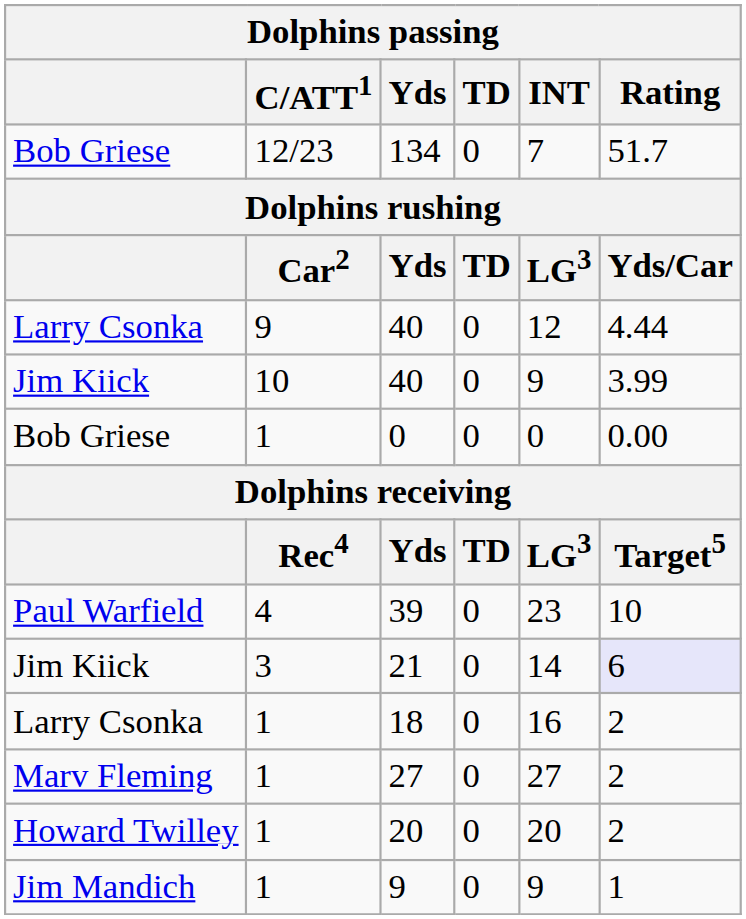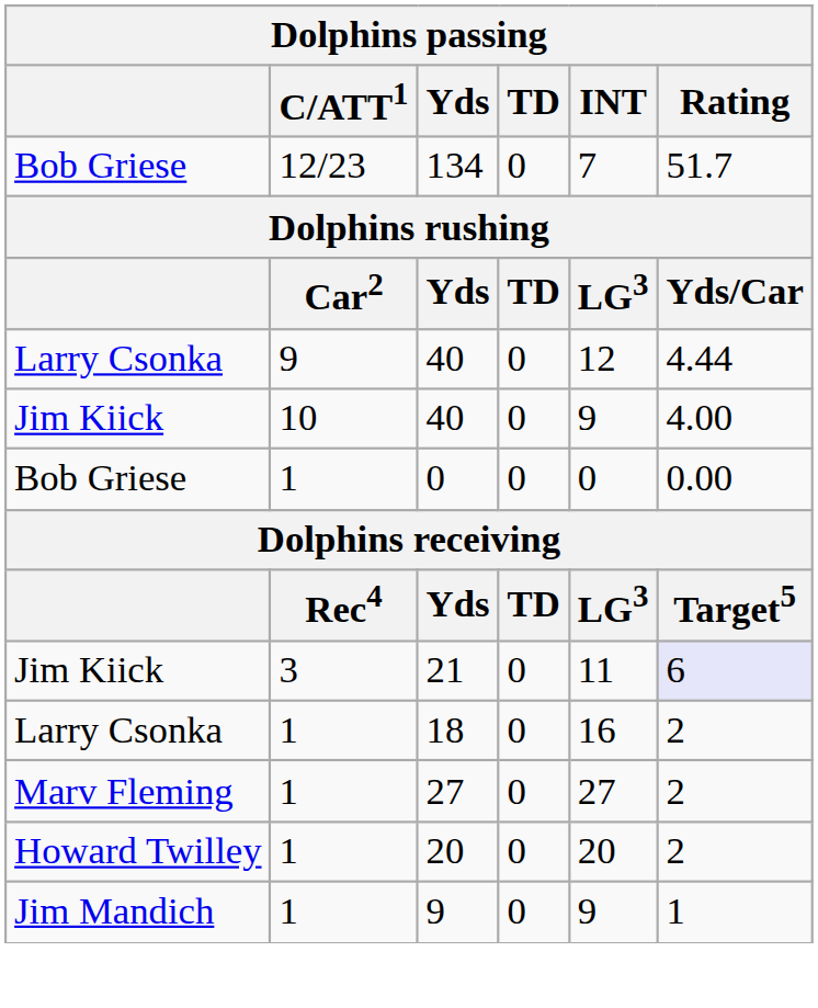 <table class="wikitable">
 <tr>
 <th colspan="6">Dolphins passing</th>
 </tr>
 <tr>
 <th></th>
 <th>C/ATT<sup>1</sup></th>
 <th>Yds</th>
 <th>TD</th>
 <th>INT</th>
 <th>Rating</th>
 </tr>
 <tr>
 <td><a href='#'>Bob Griese</a></td>
 <td>12/23</td>
 <td>134</td>
 <td>0</td>
 <td>7</td>
 <td>51.7</td>
 </tr>
 <tr>
 <th colspan="6">Dolphins rushing</th>
 </tr>
 <tr>
 <th></th>
 <th>Car<sup>2</sup></th>
 <th>Yds</th>
 <th>TD</th>
 <th>LG<sup>3</sup></th>
 <th>Yds/Car</th>
 </tr>
 <tr>
 <td><a href='#'>Larry Csonka</a></td>
 <td>9</td>
 <td>40</td>
 <td>0</td>
 <td>12</td>
 <td>4.44</td>
 </tr>
 <tr>
 <td><a href='#'>Jim Kiick</a></td>
 <td>10</td>
 <td>40</td>
 <td>0</td>
 <td>9</td>
-<td>3.99</td>
+<td>4.00</td>
 </tr>
 <tr>
 <td>Bob Griese</td>
 <td>1</td>
 <td>0</td>
 <td>0</td>
 <td>0</td>
 <td>0.00</td>
 </tr>
 <tr>
 <th colspan="6">Dolphins receiving</th>
 </tr>
 <tr>
 <th></th>
 <th>Rec<sup>4</sup></th>
 <th>Yds</th>
 <th>TD</th>
 <th>LG<sup>3</sup></th>
 <th>Target<sup>5</sup></th>
 </tr>
 <tr>
-<td><a href='#'>Paul Warfield</a></td>
-<td>4</td>
-<td>39</td>
-<td>0</td>
-<td>23</td>
-<td>10</td>
-</tr>
-<tr>
 <td>Jim Kiick</td>
 <td>3</td>
 <td>21</td>
 <td>0</td>
-<td>14</td>
+<td>11</td>
 <td style="background: lavender;">6</td>
 </tr>
 <tr>
 <td>Larry Csonka</td>
 <td>1</td>
 <td>18</td>
 <td>0</td>
 <td>16</td>
 <td>2</td>
 </tr>
 <tr>
 <td><a href='#'>Marv Fleming</a></td>
 <td>1</td>
 <td>27</td>
 <td>0</td>
 <td>27</td>
 <td>2</td>
 </tr>
 <tr>
 <td><a href='#'>Howard Twilley</a></td>
 <td>1</td>
 <td>20</td>
 <td>0</td>
 <td>20</td>
 <td>2</td>
 </tr>
 <tr>
 <td><a href='#'>Jim Mandich</a></td>
 <td>1</td>
 <td>9</td>
 <td>0</td>
 <td>9</td>
 <td>1</td>
 </tr>
 </table>
